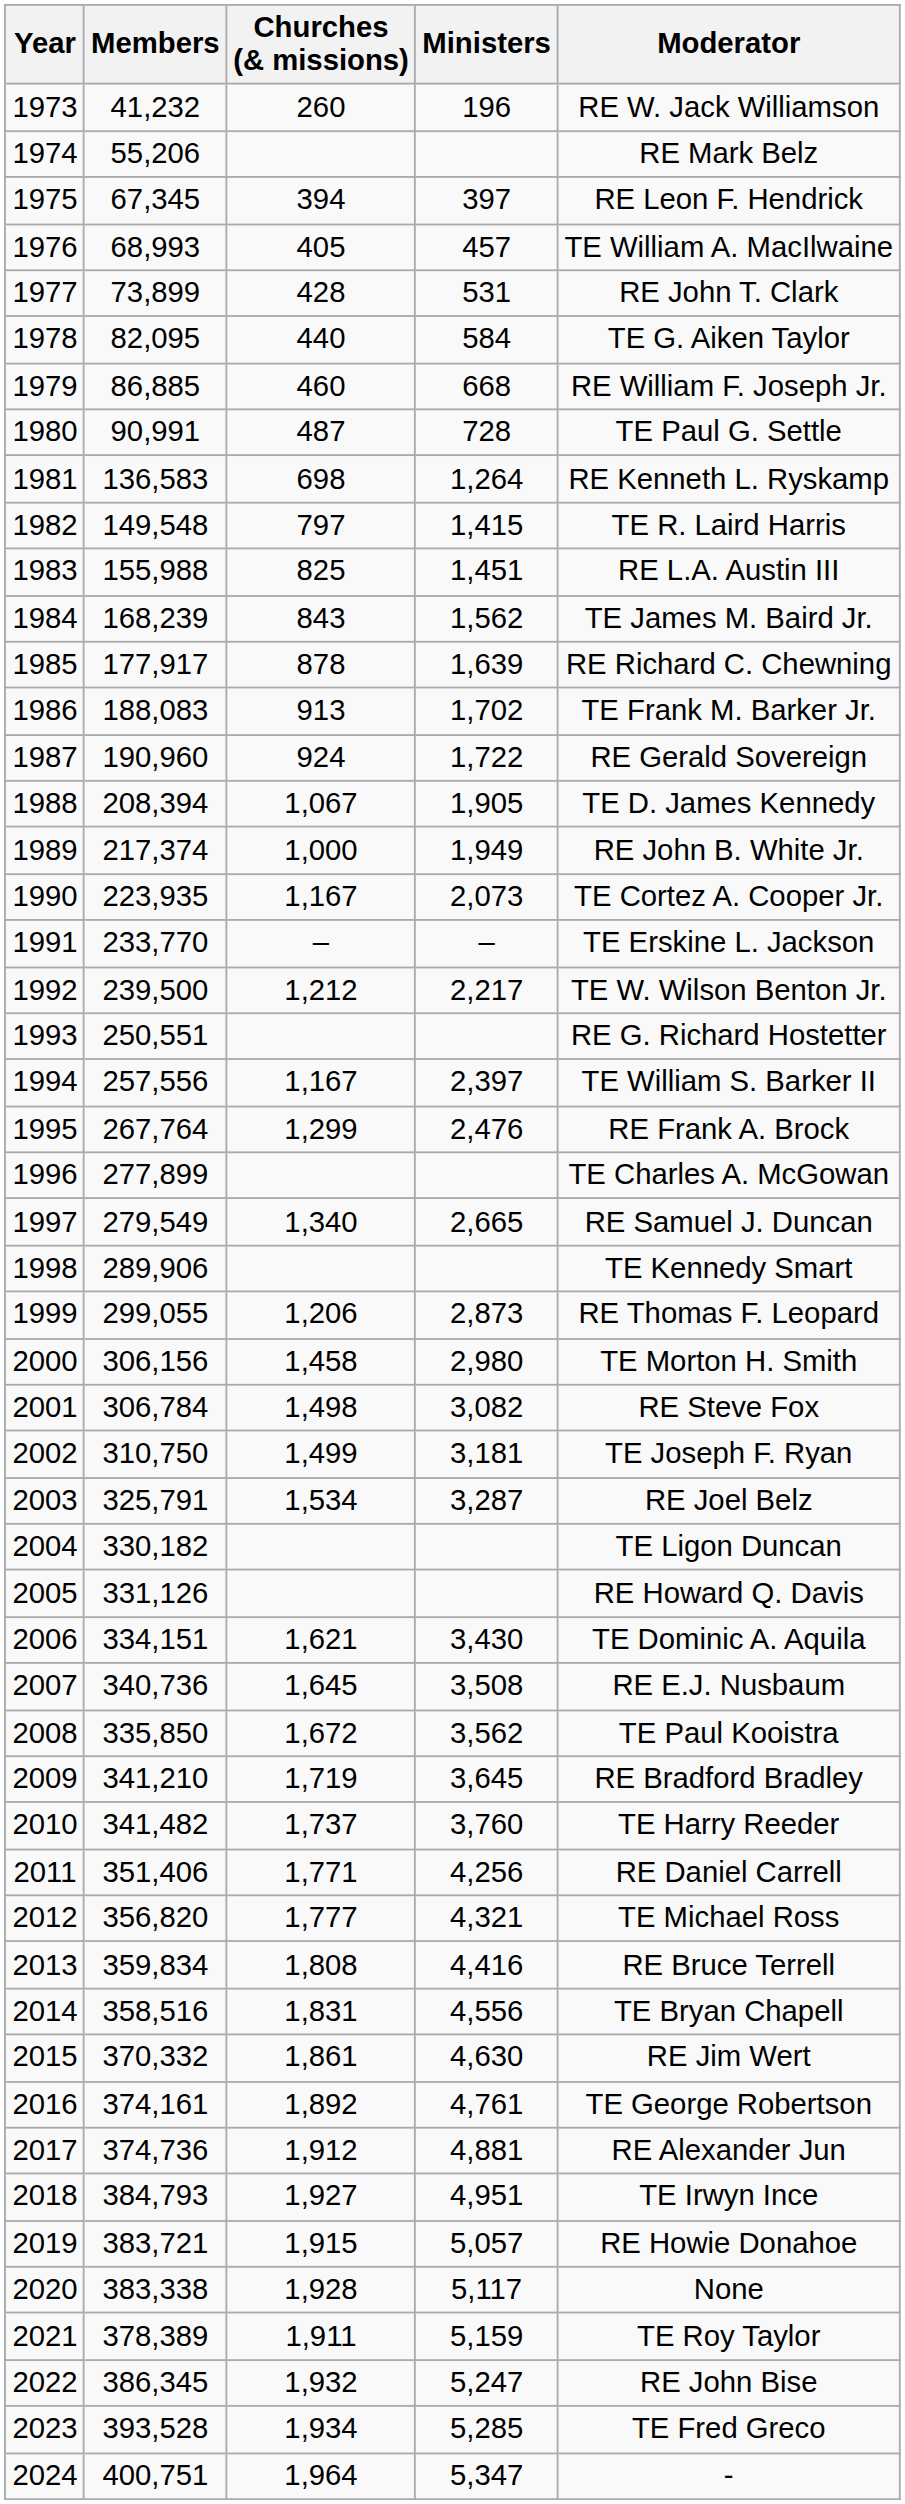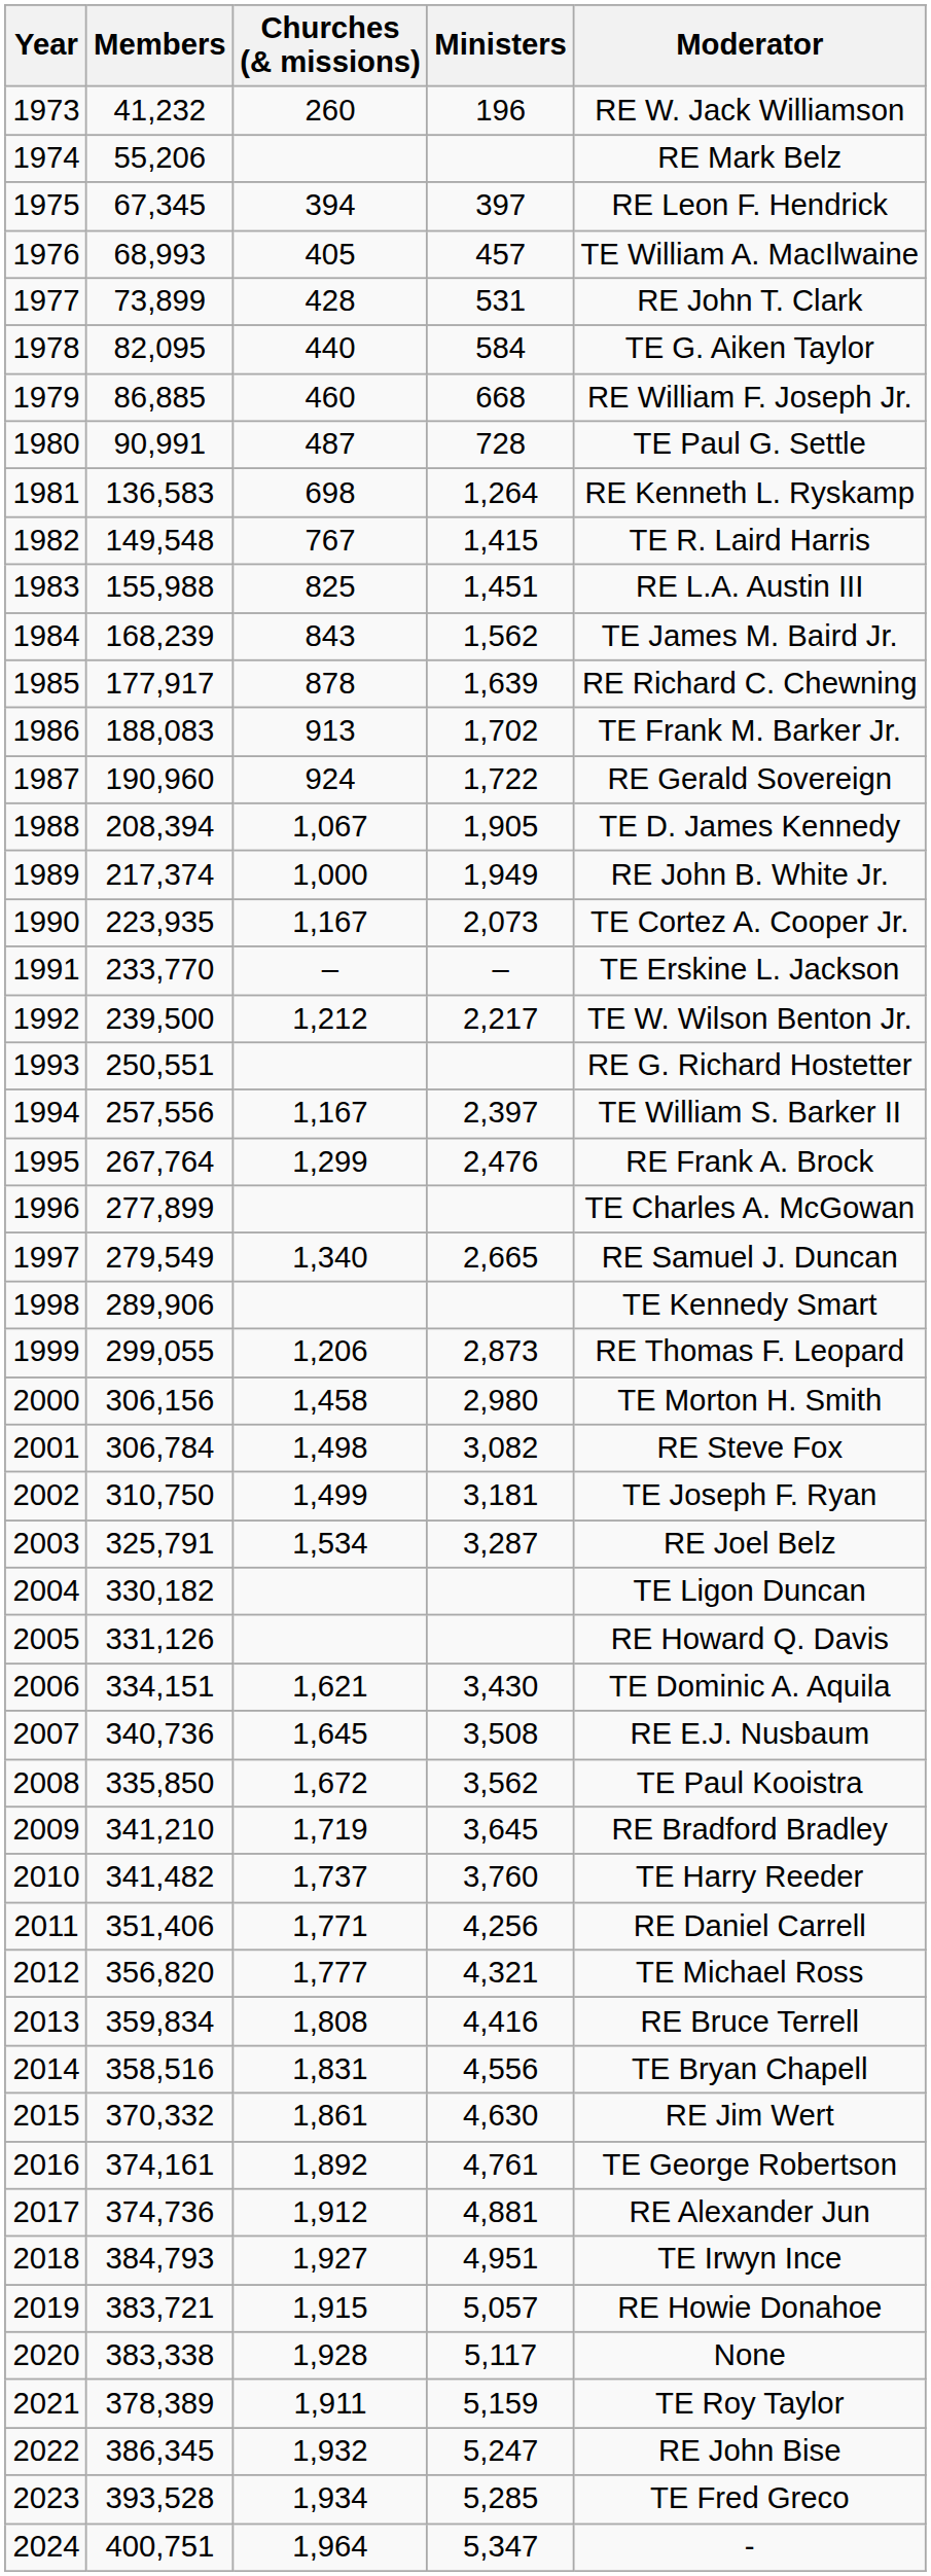 <table class="wikitable" style="margin:auto auto auto auto; front-size:95%; float:right;text-align:center;">
 <tr>
 <th>Year</th>
 <th>Members</th>
 <th>Churches<br>(& missions)</th>
 <th>Ministers</th>
 <th>Moderator</th>
 </tr>
 <tr>
 <td>1973</td>
 <td>41,232</td>
 <td>260</td>
 <td>196</td>
 <td>RE W. Jack Williamson</td>
 </tr>
 <tr>
 <td>1974</td>
 <td>55,206</td>
 <td></td>
 <td></td>
 <td>RE Mark Belz</td>
 </tr>
 <tr>
 <td>1975</td>
 <td>67,345</td>
 <td>394</td>
 <td>397</td>
 <td>RE Leon F. Hendrick</td>
 </tr>
 <tr>
 <td>1976</td>
 <td>68,993</td>
 <td>405</td>
 <td>457</td>
 <td>TE William A. MacIlwaine</td>
 </tr>
 <tr>
 <td>1977</td>
 <td>73,899</td>
 <td>428</td>
 <td>531</td>
 <td>RE John T. Clark</td>
 </tr>
 <tr>
 <td>1978</td>
 <td>82,095</td>
 <td>440</td>
 <td>584</td>
 <td>TE G. Aiken Taylor</td>
 </tr>
 <tr>
 <td>1979</td>
 <td>86,885</td>
 <td>460</td>
 <td>668</td>
 <td>RE William F. Joseph Jr.</td>
 </tr>
 <tr>
 <td>1980</td>
 <td>90,991</td>
 <td>487</td>
 <td>728</td>
 <td>TE Paul G. Settle</td>
 </tr>
 <tr>
 <td>1981</td>
 <td>136,583</td>
 <td>698</td>
 <td>1,264</td>
 <td>RE Kenneth L. Ryskamp</td>
 </tr>
 <tr>
 <td>1982</td>
 <td>149,548</td>
-<td>797</td>
+<td>767</td>
 <td>1,415</td>
 <td>TE R. Laird Harris</td>
 </tr>
 <tr>
 <td>1983</td>
 <td>155,988</td>
 <td>825</td>
 <td>1,451</td>
 <td>RE L.A. Austin III</td>
 </tr>
 <tr>
 <td>1984</td>
 <td>168,239</td>
 <td>843</td>
 <td>1,562</td>
 <td>TE James M. Baird Jr.</td>
 </tr>
 <tr>
 <td>1985</td>
 <td>177,917</td>
 <td>878</td>
 <td>1,639</td>
 <td>RE Richard C. Chewning</td>
 </tr>
 <tr>
 <td>1986</td>
 <td>188,083</td>
 <td>913</td>
 <td>1,702</td>
 <td>TE Frank M. Barker Jr.</td>
 </tr>
 <tr>
 <td>1987</td>
 <td>190,960</td>
 <td>924</td>
 <td>1,722</td>
 <td>RE Gerald Sovereign</td>
 </tr>
 <tr>
 <td>1988</td>
 <td>208,394</td>
 <td>1,067</td>
 <td>1,905</td>
 <td>TE D. James Kennedy</td>
 </tr>
 <tr>
 <td>1989</td>
 <td>217,374</td>
 <td>1,000</td>
 <td>1,949</td>
 <td>RE John B. White Jr.</td>
 </tr>
 <tr>
 <td>1990</td>
 <td>223,935</td>
 <td>1,167</td>
 <td>2,073</td>
 <td>TE Cortez A. Cooper Jr.</td>
 </tr>
 <tr>
 <td>1991</td>
 <td>233,770</td>
 <td>–</td>
 <td>–</td>
 <td>TE Erskine L. Jackson</td>
 </tr>
 <tr>
 <td>1992</td>
 <td>239,500</td>
 <td>1,212</td>
 <td>2,217</td>
 <td>TE W. Wilson Benton Jr.</td>
 </tr>
 <tr>
 <td>1993</td>
 <td>250,551</td>
 <td></td>
 <td></td>
 <td>RE G. Richard Hostetter</td>
 </tr>
 <tr>
 <td>1994</td>
 <td>257,556</td>
 <td>1,167</td>
 <td>2,397</td>
 <td>TE William S. Barker II</td>
 </tr>
 <tr>
 <td>1995</td>
 <td>267,764</td>
 <td>1,299</td>
 <td>2,476</td>
 <td>RE Frank A. Brock</td>
 </tr>
 <tr>
 <td>1996</td>
 <td>277,899</td>
 <td></td>
 <td></td>
 <td>TE Charles A. McGowan</td>
 </tr>
 <tr>
 <td>1997</td>
 <td>279,549</td>
 <td>1,340</td>
 <td>2,665</td>
 <td>RE Samuel J. Duncan</td>
 </tr>
 <tr>
 <td>1998</td>
 <td>289,906</td>
 <td></td>
 <td></td>
 <td>TE Kennedy Smart</td>
 </tr>
 <tr>
 <td>1999</td>
 <td>299,055</td>
 <td>1,206</td>
 <td>2,873</td>
 <td>RE Thomas F. Leopard</td>
 </tr>
 <tr>
 <td>2000</td>
 <td>306,156</td>
 <td>1,458</td>
 <td>2,980</td>
 <td>TE Morton H. Smith</td>
 </tr>
 <tr>
 <td>2001</td>
 <td>306,784</td>
 <td>1,498</td>
 <td>3,082</td>
 <td>RE Steve Fox</td>
 </tr>
 <tr>
 <td>2002</td>
 <td>310,750</td>
 <td>1,499</td>
 <td>3,181</td>
 <td>TE Joseph F. Ryan</td>
 </tr>
 <tr>
 <td>2003</td>
 <td>325,791</td>
 <td>1,534</td>
 <td>3,287</td>
 <td>RE Joel Belz</td>
 </tr>
 <tr>
 <td>2004</td>
 <td>330,182</td>
 <td></td>
 <td></td>
 <td>TE Ligon Duncan</td>
 </tr>
 <tr>
 <td>2005</td>
 <td>331,126</td>
 <td></td>
 <td></td>
 <td>RE Howard Q. Davis</td>
 </tr>
 <tr>
 <td>2006</td>
 <td>334,151</td>
 <td>1,621</td>
 <td>3,430</td>
 <td>TE Dominic A. Aquila</td>
 </tr>
 <tr>
 <td>2007</td>
 <td>340,736</td>
 <td>1,645</td>
 <td>3,508</td>
 <td>RE E.J. Nusbaum</td>
 </tr>
 <tr>
 <td>2008</td>
 <td>335,850</td>
 <td>1,672</td>
 <td>3,562</td>
 <td>TE Paul Kooistra</td>
 </tr>
 <tr>
 <td>2009</td>
 <td>341,210</td>
 <td>1,719</td>
 <td>3,645</td>
 <td>RE Bradford Bradley</td>
 </tr>
 <tr>
 <td>2010</td>
 <td>341,482</td>
 <td>1,737</td>
 <td>3,760</td>
 <td>TE Harry Reeder</td>
 </tr>
 <tr>
 <td>2011</td>
 <td>351,406</td>
 <td>1,771</td>
 <td>4,256</td>
 <td>RE Daniel Carrell</td>
 </tr>
 <tr ||>
 <td>2012</td>
 <td>356,820</td>
 <td>1,777</td>
 <td>4,321</td>
 <td>TE Michael Ross</td>
 </tr>
 <tr>
 <td>2013</td>
 <td>359,834</td>
 <td>1,808</td>
 <td>4,416</td>
 <td>RE Bruce Terrell</td>
 </tr>
 <tr>
 <td>2014</td>
 <td>358,516</td>
 <td>1,831</td>
 <td>4,556</td>
 <td>TE Bryan Chapell</td>
 </tr>
 <tr>
 <td>2015</td>
 <td>370,332</td>
 <td>1,861</td>
 <td>4,630</td>
 <td>RE Jim Wert</td>
 </tr>
 <tr>
 <td>2016</td>
 <td>374,161</td>
 <td>1,892</td>
 <td>4,761</td>
 <td>TE George Robertson</td>
 </tr>
 <tr ||>
 <td>2017</td>
 <td>374,736</td>
 <td>1,912</td>
 <td>4,881</td>
 <td>RE Alexander Jun</td>
 </tr>
 <tr>
 <td>2018</td>
 <td>384,793</td>
 <td>1,927</td>
 <td>4,951</td>
 <td>TE Irwyn Ince</td>
 </tr>
 <tr>
 <td>2019</td>
 <td>383,721</td>
 <td>1,915</td>
 <td>5,057</td>
 <td>RE Howie Donahoe</td>
 </tr>
 <tr>
 <td>2020</td>
 <td>383,338</td>
 <td>1,928</td>
 <td>5,117</td>
 <td>None</td>
 </tr>
 <tr>
 <td>2021</td>
 <td>378,389</td>
 <td>1,911</td>
 <td>5,159</td>
 <td>TE Roy Taylor</td>
 </tr>
 <tr>
 <td>2022</td>
 <td>386,345</td>
 <td>1,932</td>
 <td>5,247</td>
 <td>RE John Bise</td>
 </tr>
 <tr>
 <td>2023</td>
 <td>393,528</td>
 <td>1,934</td>
 <td>5,285</td>
 <td>TE Fred Greco</td>
 </tr>
 <tr>
 <td>2024</td>
 <td>400,751</td>
 <td>1,964</td>
 <td>5,347</td>
 <td>-</td>
 </tr>
 </table>
